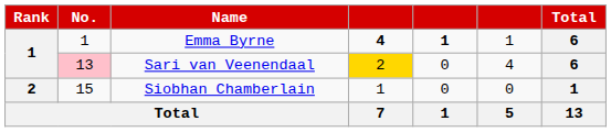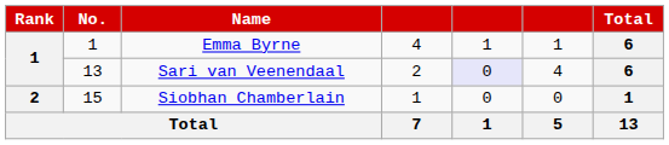 <table class="wikitable" style="text-align:center; font-size:100%; ">
 <tr>
 <th style="background:#d50000; color:white; text-align:center; width:40px">Rank</th>
 <th style="background:#d50000; color:white; text-align:center; width:40px">No.</th>
 <th style="background:#d50000; color:white; text-align:center; width:200px">Name</th>
 <th style="background:#d50000; color:white; text-align:center; width:50px;"><a href='#'></a></th>
 <th style="background:#d50000; color:white; text-align:center; width:50px;"><a href='#'></a></th>
 <th style="background:#d50000; color:white; text-align:center; width:50px;"></th>
 <th style="background:#d50000; color:white; text-align:center; width:50px;">Total</th>
 </tr>
 <tr>
 <th rowspan="2">1</th>
 <td>1</td>
 <td> <a href='#'>Emma Byrne</a></td>
-<td><strong>4</strong></td>
-<td><strong>1</strong></td>
+<td>4</td>
+<td>1</td>
 <td>1</td>
 <th>6</th>
 </tr>
 <tr>
-<td style="background: pink;">13</td>
+<td>13</td>
 <td> <a href='#'>Sari van Veenendaal</a></td>
-<td style="background: gold;">2</td>
-<td>0</td>
+<td>2</td>
+<td style="background: lavender;">0</td>
 <td>4</td>
 <th>6</th>
 </tr>
 <tr>
 <th>2</th>
 <td>15</td>
 <td><em></em> <a href='#'>Siobhan Chamberlain</a></td>
 <td>1</td>
 <td>0</td>
 <td>0</td>
 <th>1</th>
 </tr>
 <tr>
 <th colspan="3">Total</th>
 <th>7</th>
 <th>1</th>
 <th>5</th>
 <th>13</th>
 </tr>
 </table>
